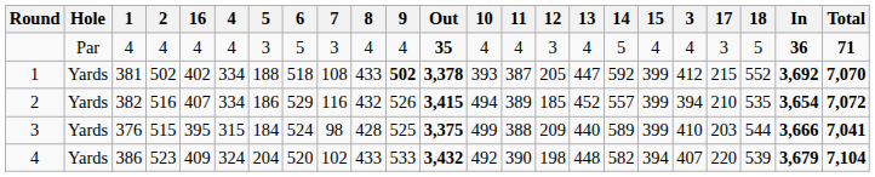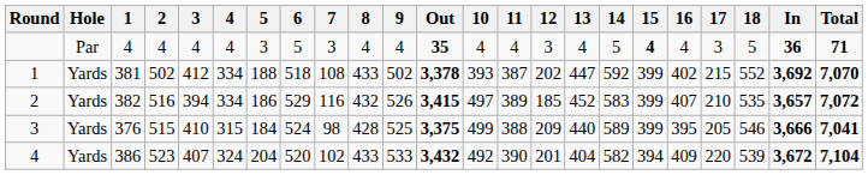 <table class="wikitable" style="text-align:center">
 <tr>
 <th>Round</th>
 <th align="left">Hole</th>
 <th>1</th>
 <th>2</th>
-<th>16</th>
+<th>3</th>
 <th>4</th>
 <th>5</th>
 <th>6</th>
 <th>7</th>
 <th>8</th>
 <th>9</th>
 <th>Out</th>
 <th>10</th>
 <th>11</th>
 <th>12</th>
 <th>13</th>
 <th>14</th>
 <th>15</th>
-<th>3</th>
+<th>16</th>
 <th>17</th>
 <th>18</th>
 <th>In</th>
 <th>Total</th>
 </tr>
 <tr>
 <td></td>
 <td>Par</td>
 <td>4</td>
 <td>4</td>
 <td>4</td>
 <td>4</td>
 <td>3</td>
 <td>5</td>
 <td>3</td>
 <td>4</td>
 <td>4</td>
 <td><strong>35</strong></td>
 <td>4</td>
 <td>4</td>
 <td>3</td>
 <td>4</td>
 <td>5</td>
-<td>4</td>
+<td><strong>4</strong></td>
 <td>4</td>
 <td>3</td>
 <td>5</td>
 <td><strong>36</strong></td>
 <td><strong>71</strong></td>
 </tr>
 <tr>
 <td>1</td>
 <td align="left">Yards</td>
 <td>381</td>
 <td>502</td>
-<td>402</td>
+<td>412</td>
 <td>334</td>
 <td>188</td>
 <td>518</td>
 <td>108</td>
 <td>433</td>
-<td><strong>502</strong></td>
+<td>502</td>
 <td><strong>3,378</strong></td>
 <td>393</td>
 <td>387</td>
-<td>205</td>
+<td>202</td>
 <td>447</td>
 <td>592</td>
 <td>399</td>
-<td>412</td>
+<td>402</td>
 <td>215</td>
 <td>552</td>
 <td><strong>3,692</strong></td>
 <td><strong>7,070</strong></td>
 </tr>
 <tr>
 <td>2</td>
 <td align="left">Yards</td>
 <td>382</td>
 <td>516</td>
-<td>407</td>
+<td>394</td>
 <td>334</td>
 <td>186</td>
 <td>529</td>
 <td>116</td>
 <td>432</td>
 <td>526</td>
 <td><strong>3,415</strong></td>
-<td>494</td>
+<td>497</td>
 <td>389</td>
 <td>185</td>
 <td>452</td>
-<td>557</td>
+<td>583</td>
 <td>399</td>
-<td>394</td>
+<td>407</td>
 <td>210</td>
 <td>535</td>
-<td><strong>3,654</strong></td>
+<td><strong>3,657</strong></td>
 <td><strong>7,072</strong></td>
 </tr>
 <tr>
 <td>3</td>
 <td align="left">Yards</td>
 <td>376</td>
 <td>515</td>
-<td>395</td>
+<td>410</td>
 <td>315</td>
 <td>184</td>
 <td>524</td>
 <td>98</td>
 <td>428</td>
 <td>525</td>
 <td><strong>3,375</strong></td>
 <td>499</td>
 <td>388</td>
 <td>209</td>
 <td>440</td>
 <td>589</td>
 <td>399</td>
-<td>410</td>
-<td>203</td>
-<td>544</td>
+<td>395</td>
+<td>205</td>
+<td>546</td>
 <td><strong>3,666</strong></td>
 <td><strong>7,041</strong></td>
 </tr>
 <tr>
 <td>4</td>
 <td align="left">Yards</td>
 <td>386</td>
 <td>523</td>
-<td>409</td>
+<td>407</td>
 <td>324</td>
 <td>204</td>
 <td>520</td>
 <td>102</td>
 <td>433</td>
 <td>533</td>
 <td><strong>3,432</strong></td>
 <td>492</td>
 <td>390</td>
-<td>198</td>
-<td>448</td>
+<td>201</td>
+<td>404</td>
 <td>582</td>
 <td>394</td>
-<td>407</td>
+<td>409</td>
 <td>220</td>
 <td>539</td>
-<td><strong>3,679</strong></td>
+<td><strong>3,672</strong></td>
 <td><strong>7,104</strong></td>
 </tr>
 </table>
